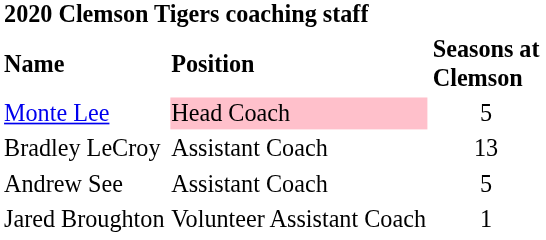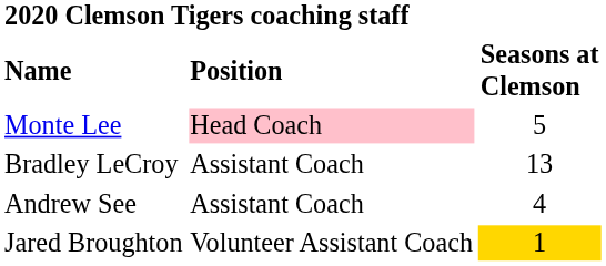 <table class="toccolours" style="text-align: left; font-size:90%">
 <tr>
 <th colspan="9">2020 Clemson Tigers coaching staff</th>
 </tr>
 <tr>
 <th>Name</th>
 <th>Position</th>
 <th>Seasons at<br>Clemson</th>
 </tr>
 <tr>
 <td><a href='#'>Monte Lee</a></td>
 <td style="background: pink;">Head Coach</td>
 <td align=center>5</td>
 </tr>
 <tr>
 <td>Bradley LeCroy</td>
 <td>Assistant Coach</td>
 <td align=center>13</td>
 </tr>
 <tr>
 <td>Andrew See</td>
 <td>Assistant Coach</td>
-<td align=center>5</td>
+<td align=center>4</td>
 </tr>
 <tr>
 <td>Jared Broughton</td>
 <td>Volunteer Assistant Coach</td>
-<td align=center>1</td>
+<td align=center style="background: gold;">1</td>
 </tr>
 </table>
